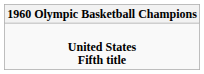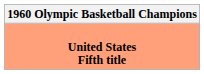 <table class=wikitable style="text-align:center">
 <tr>
 <th>1960 Olympic Basketball Champions</th>
 </tr>
 <tr>
-<td> <br> <strong>United States</strong> <br> <strong>Fifth title</strong></td>
+<td style="background: lightsalmon;"> <br> <strong>United States</strong> <br> <strong>Fifth title</strong></td>
 </tr>
 </table>
